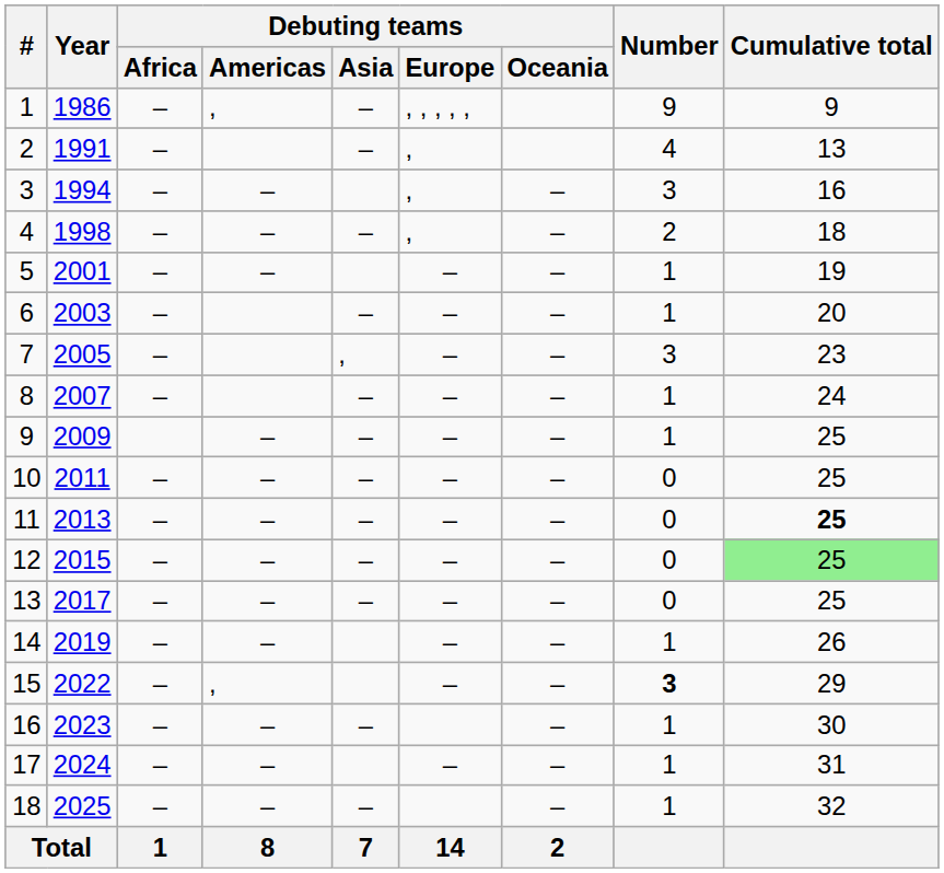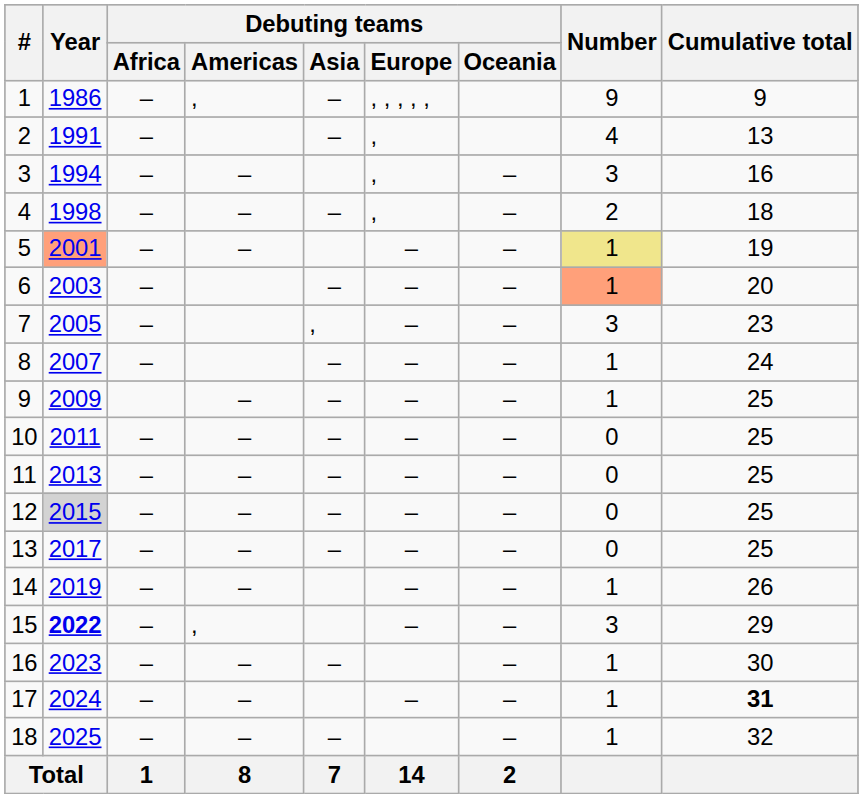 <table class="wikitable" style="text-align: center; font-size: 90%; margin-left: 1em;">
 <tr>
 <th rowspan="2">#</th>
 <th rowspan="2">Year</th>
 <th colspan="5">Debuting teams</th>
 <th rowspan="2">Number</th>
 <th rowspan="2">Cumulative total</th>
 </tr>
 <tr>
 <th>Africa</th>
 <th>Americas</th>
 <th>Asia</th>
 <th>Europe</th>
 <th>Oceania</th>
 </tr>
 <tr>
 <td>1</td>
 <td><a href='#'>1986</a></td>
 <td>–</td>
 <td style="text-align: left;">, </td>
 <td>–</td>
 <td style="text-align: left;">, , , , , </td>
 <td style="text-align: left;"></td>
 <td>9</td>
 <td>9</td>
 </tr>
 <tr>
 <td>2</td>
 <td><a href='#'>1991</a></td>
 <td>–</td>
 <td style="text-align: left;"></td>
 <td>–</td>
 <td style="text-align: left;">, </td>
 <td style="text-align: left;"></td>
 <td>4</td>
 <td>13</td>
 </tr>
 <tr>
 <td>3</td>
 <td><a href='#'>1994</a></td>
 <td>–</td>
 <td>–</td>
 <td style="text-align: left;"></td>
 <td style="text-align: left;">, </td>
 <td>–</td>
 <td>3</td>
 <td>16</td>
 </tr>
 <tr>
 <td>4</td>
 <td><a href='#'>1998</a></td>
 <td>–</td>
 <td>–</td>
 <td>–</td>
 <td style="text-align: left;">, </td>
 <td>–</td>
 <td>2</td>
 <td>18</td>
 </tr>
 <tr>
 <td>5</td>
-<td><a href='#'>2001</a></td>
+<td style="background: lightsalmon;"><a href='#'>2001</a></td>
 <td>–</td>
 <td>–</td>
 <td style="text-align: left;"></td>
 <td>–</td>
 <td>–</td>
-<td>1</td>
+<td style="background: khaki;">1</td>
 <td>19</td>
 </tr>
 <tr>
 <td>6</td>
 <td><a href='#'>2003</a></td>
 <td>–</td>
 <td style="text-align: left;"></td>
 <td>–</td>
 <td>–</td>
 <td>–</td>
-<td>1</td>
+<td style="background: lightsalmon;">1</td>
 <td>20</td>
 </tr>
 <tr>
 <td>7</td>
 <td><a href='#'>2005</a></td>
 <td>–</td>
 <td style="text-align: left;"></td>
 <td style="text-align: left;">, </td>
 <td>–</td>
 <td>–</td>
 <td>3</td>
 <td>23</td>
 </tr>
 <tr>
 <td>8</td>
 <td><a href='#'>2007</a></td>
 <td>–</td>
 <td style="text-align: left;"></td>
 <td>–</td>
 <td>–</td>
 <td>–</td>
 <td>1</td>
 <td>24</td>
 </tr>
 <tr>
 <td>9</td>
 <td><a href='#'>2009</a></td>
 <td style="text-align: left;"></td>
 <td>–</td>
 <td>–</td>
 <td>–</td>
 <td>–</td>
 <td>1</td>
 <td>25</td>
 </tr>
 <tr>
 <td>10</td>
 <td><a href='#'>2011</a></td>
 <td>–</td>
 <td>–</td>
 <td>–</td>
 <td>–</td>
 <td>–</td>
 <td>0</td>
 <td>25</td>
 </tr>
 <tr>
 <td>11</td>
 <td><a href='#'>2013</a></td>
 <td>–</td>
 <td>–</td>
 <td>–</td>
 <td>–</td>
 <td>–</td>
 <td>0</td>
-<td><strong>25</strong></td>
+<td>25</td>
 </tr>
 <tr>
 <td>12</td>
-<td><a href='#'>2015</a></td>
+<td style="background: lightgrey;"><a href='#'>2015</a></td>
 <td>–</td>
 <td>–</td>
 <td>–</td>
 <td>–</td>
 <td>–</td>
 <td>0</td>
-<td style="background: lightgreen;">25</td>
+<td>25</td>
 </tr>
 <tr>
 <td>13</td>
 <td><a href='#'>2017</a></td>
 <td>–</td>
 <td>–</td>
 <td>–</td>
 <td>–</td>
 <td>–</td>
 <td>0</td>
 <td>25</td>
 </tr>
 <tr>
 <td>14</td>
 <td><a href='#'>2019</a></td>
 <td>–</td>
 <td>–</td>
 <td style="text-align: left;"></td>
 <td>–</td>
 <td>–</td>
 <td>1</td>
 <td>26</td>
 </tr>
 <tr>
 <td>15</td>
-<td><a href='#'>2022</a></td>
+<td><strong><a href='#'>2022</a></strong></td>
 <td>–</td>
 <td style="text-align: left;">, </td>
 <td style="text-align: left;"></td>
 <td>–</td>
 <td>–</td>
-<td><strong>3</strong></td>
+<td>3</td>
 <td>29</td>
 </tr>
 <tr>
 <td>16</td>
 <td><a href='#'>2023</a></td>
 <td>–</td>
 <td>–</td>
 <td>–</td>
 <td style="text-align: left;"></td>
 <td>–</td>
 <td>1</td>
 <td>30</td>
 </tr>
 <tr>
 <td>17</td>
 <td><a href='#'>2024</a></td>
 <td>–</td>
 <td>–</td>
 <td style="text-align: left;"></td>
 <td>–</td>
 <td>–</td>
 <td>1</td>
-<td>31</td>
+<td><strong>31</strong></td>
 </tr>
 <tr>
 <td>18</td>
 <td><a href='#'>2025</a></td>
 <td>–</td>
 <td>–</td>
 <td>–</td>
 <td style="text-align: left;"></td>
 <td>–</td>
 <td>1</td>
 <td>32</td>
 </tr>
 <tr>
 <th colspan="2">Total</th>
 <th>1</th>
 <th>8</th>
 <th>7</th>
 <th>14</th>
 <th>2</th>
 <th></th>
 <th></th>
 </tr>
 </table>
